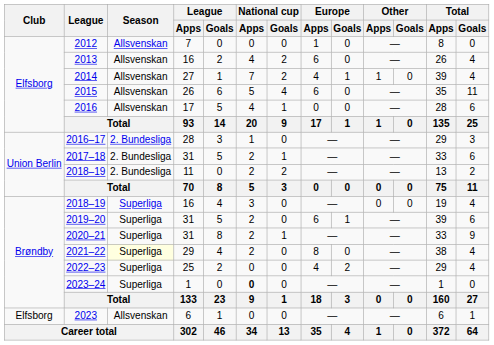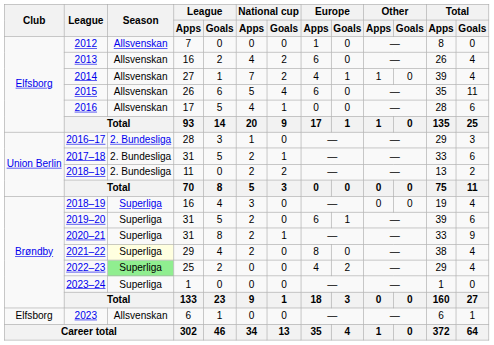 <table class="wikitable" style="text-align:center">
 <tr>
 <th rowspan="2">Club</th>
 <th rowspan="2">League</th>
 <th rowspan="2">Season</th>
 <th colspan="2">League</th>
 <th colspan="2">National cup</th>
 <th colspan="2">Europe</th>
 <th colspan="2">Other</th>
 <th colspan="2">Total</th>
 </tr>
 <tr>
 <th>Apps</th>
 <th>Goals</th>
 <th>Apps</th>
 <th>Goals</th>
 <th>Apps</th>
 <th>Goals</th>
 <th>Apps</th>
 <th>Goals</th>
 <th>Apps</th>
 <th>Goals</th>
 </tr>
 <tr>
 <td rowspan="6"><a href='#'>Elfsborg</a></td>
 <td><a href='#'>2012</a></td>
 <td><a href='#'>Allsvenskan</a></td>
 <td>7</td>
 <td>0</td>
 <td>0</td>
 <td>0</td>
 <td>1</td>
 <td>0</td>
 <td colspan="2">—</td>
 <td>8</td>
 <td>0</td>
 </tr>
 <tr>
 <td><a href='#'>2013</a></td>
 <td>Allsvenskan</td>
 <td>16</td>
 <td>2</td>
 <td>4</td>
 <td>2</td>
 <td>6</td>
 <td>0</td>
 <td colspan="2">—</td>
 <td>26</td>
 <td>4</td>
 </tr>
 <tr>
 <td><a href='#'>2014</a></td>
 <td>Allsvenskan</td>
 <td>27</td>
 <td>1</td>
 <td>7</td>
 <td>2</td>
 <td>4</td>
 <td>1</td>
 <td>1</td>
 <td>0</td>
 <td>39</td>
 <td>4</td>
 </tr>
 <tr>
 <td><a href='#'>2015</a></td>
 <td>Allsvenskan</td>
 <td>26</td>
 <td>6</td>
 <td>5</td>
 <td>4</td>
 <td>6</td>
 <td>0</td>
 <td colspan="2">—</td>
 <td>35</td>
 <td>11</td>
 </tr>
 <tr>
 <td><a href='#'>2016</a></td>
 <td>Allsvenskan</td>
 <td>17</td>
 <td>5</td>
 <td>4</td>
 <td>1</td>
 <td>0</td>
 <td>0</td>
 <td colspan="2">—</td>
 <td>28</td>
 <td>6</td>
 </tr>
 <tr>
 <th colspan="2">Total</th>
 <th>93</th>
 <th>14</th>
 <th>20</th>
 <th>9</th>
 <th>17</th>
 <th>1</th>
 <th>1</th>
 <th>0</th>
 <th>135</th>
 <th>25</th>
 </tr>
 <tr>
 <td rowspan="4"><a href='#'>Union Berlin</a></td>
 <td><a href='#'>2016–17</a></td>
 <td><a href='#'>2. Bundesliga</a></td>
 <td>28</td>
 <td>3</td>
 <td>1</td>
 <td>0</td>
 <td colspan="2">—</td>
 <td colspan="2">—</td>
 <td>29</td>
 <td>3</td>
 </tr>
 <tr>
 <td><a href='#'>2017–18</a></td>
 <td>2. Bundesliga</td>
 <td>31</td>
 <td>5</td>
 <td>2</td>
 <td>1</td>
 <td colspan="2">—</td>
 <td colspan="2">—</td>
 <td>33</td>
 <td>6</td>
 </tr>
 <tr>
 <td><a href='#'>2018–19</a></td>
 <td>2. Bundesliga</td>
 <td>11</td>
 <td>0</td>
 <td>2</td>
 <td>2</td>
 <td colspan="2">—</td>
 <td colspan="2">—</td>
 <td>13</td>
 <td>2</td>
 </tr>
 <tr>
 <th colspan="2">Total</th>
 <th>70</th>
 <th>8</th>
 <th>5</th>
 <th>3</th>
 <th>0</th>
 <th>0</th>
 <th>0</th>
 <th>0</th>
 <th>75</th>
 <th>11</th>
 </tr>
 <tr>
 <td rowspan="7"><a href='#'>Brøndby</a></td>
 <td><a href='#'>2018–19</a></td>
 <td><a href='#'>Superliga</a></td>
 <td>16</td>
 <td>4</td>
 <td>3</td>
 <td>0</td>
 <td colspan="2">—</td>
 <td>0</td>
 <td>0</td>
 <td>19</td>
 <td>4</td>
 </tr>
 <tr>
 <td><a href='#'>2019–20</a></td>
 <td>Superliga</td>
 <td>31</td>
 <td>5</td>
 <td>2</td>
 <td>0</td>
 <td>6</td>
 <td>1</td>
 <td colspan="2">—</td>
 <td>39</td>
 <td>6</td>
 </tr>
 <tr>
 <td><a href='#'>2020–21</a></td>
 <td>Superliga</td>
 <td>31</td>
 <td>8</td>
 <td>2</td>
 <td>1</td>
 <td colspan="2">—</td>
 <td colspan="2">—</td>
 <td>33</td>
 <td>9</td>
 </tr>
 <tr>
 <td><a href='#'>2021–22</a></td>
 <td style="background: lightyellow;">Superliga</td>
 <td>29</td>
 <td>4</td>
 <td>2</td>
 <td>0</td>
 <td>8</td>
 <td>0</td>
 <td colspan="2">—</td>
 <td>38</td>
 <td>4</td>
 </tr>
 <tr>
 <td><a href='#'>2022–23</a></td>
-<td>Superliga</td>
+<td style="background: lightgreen;">Superliga</td>
 <td>25</td>
 <td>2</td>
 <td>0</td>
 <td>0</td>
 <td>4</td>
 <td>2</td>
 <td colspan="2">—</td>
 <td>29</td>
 <td>4</td>
 </tr>
 <tr>
 <td><a href='#'>2023–24</a></td>
 <td>Superliga</td>
 <td>1</td>
 <td>0</td>
-<td><strong>0</strong></td>
+<td>0</td>
 <td>0</td>
 <td colspan="2">—</td>
 <td colspan="2">—</td>
 <td>1</td>
 <td>0</td>
 </tr>
 <tr>
 <th colspan="2">Total</th>
 <th>133</th>
 <th>23</th>
 <th>9</th>
 <th>1</th>
 <th>18</th>
 <th>3</th>
 <th>0</th>
 <th>0</th>
 <th>160</th>
 <th>27</th>
 </tr>
 <tr>
 <td>Elfsborg</td>
 <td><a href='#'>2023</a></td>
 <td>Allsvenskan</td>
 <td>6</td>
 <td>1</td>
 <td>0</td>
 <td>0</td>
 <td colspan="2">—</td>
 <td colspan="2">—</td>
 <td>6</td>
 <td>1</td>
 </tr>
 <tr>
 <th colspan="3">Career total</th>
 <th>302</th>
 <th>46</th>
 <th>34</th>
 <th>13</th>
 <th>35</th>
 <th>4</th>
 <th>1</th>
 <th>0</th>
 <th>372</th>
 <th>64</th>
 </tr>
 </table>
